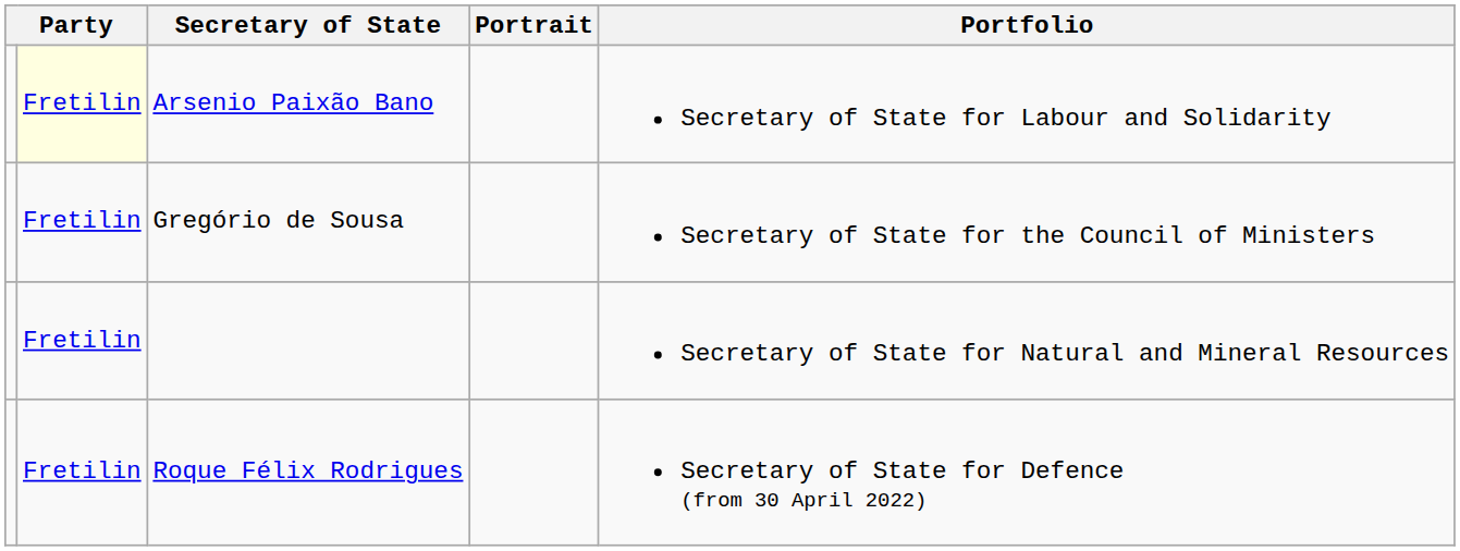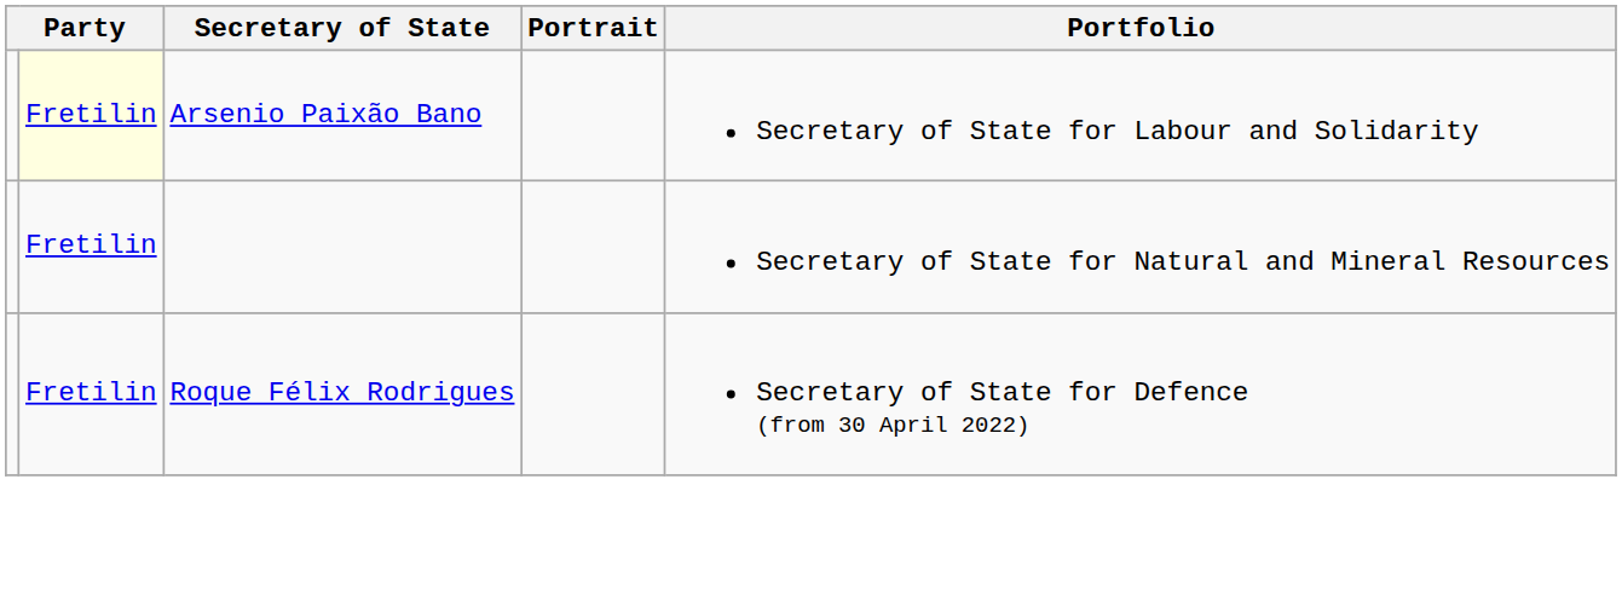 <table class="wikitable sortable">
 <tr>
 <th colspan="2">Party</th>
 <th>Secretary of State</th>
 <th>Portrait</th>
 <th>Portfolio</th>
 </tr>
 <tr>
 <td style="background:"></td>
 <td style="background: lightyellow;"><a href='#'>Fretilin</a></td>
 <td><a href='#'>Arsenio Paixão Bano</a></td>
 <td></td>
 <td><br><ul><li>Secretary of State for Labour and Solidarity</li></ul></td>
 </tr>
 <tr>
 <td style="background:"></td>
 <td><a href='#'>Fretilin</a></td>
-<td>Gregório de Sousa</td>
-<td></td>
-<td><br><ul><li>Secretary of State for the Council of Ministers</li></ul></td>
-</tr>
-<tr>
-<td style="background:"></td>
-<td><a href='#'>Fretilin</a></td>
 <td></td>
 <td></td>
 <td><br><ul><li>Secretary of State for Natural and Mineral Resources</li></ul></td>
 </tr>
 <tr>
 <td style="background:"></td>
 <td><a href='#'>Fretilin</a></td>
 <td><a href='#'>Roque Félix Rodrigues</a></td>
 <td></td>
 <td><br><ul><li>Secretary of State for Defence<br><small>(from 30 April 2022)</small></li></ul></td>
 </tr>
 </table>
